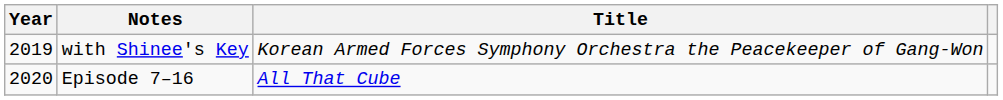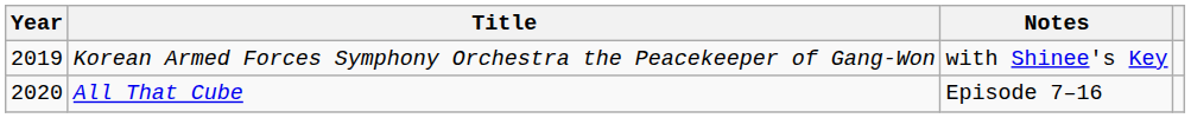 <table class="wikitable plainrowheaders sortable">
 <tr>
 <th scope="col">Year</th>
+<th scope="col">Title</th>
 <th scope="col">Notes</th>
-<th scope="col">Title</th>
 <th scope="col" class="unsortable"></th>
 </tr>
 <tr>
 <td>2019</td>
+<td><em>Korean Armed Forces Symphony Orchestra the Peacekeeper of Gang-Won</em></td>
 <td>with <a href='#'>Shinee</a>'s <a href='#'>Key</a></td>
-<td><em>Korean Armed Forces Symphony Orchestra the Peacekeeper of Gang-Won</em></td>
 <td></td>
 </tr>
 <tr>
 <td>2020</td>
+<td><em><a href='#'>All That Cube</a></em></td>
 <td>Episode 7–16</td>
-<td><em><a href='#'>All That Cube</a></em></td>
 <td></td>
 </tr>
 </table>
